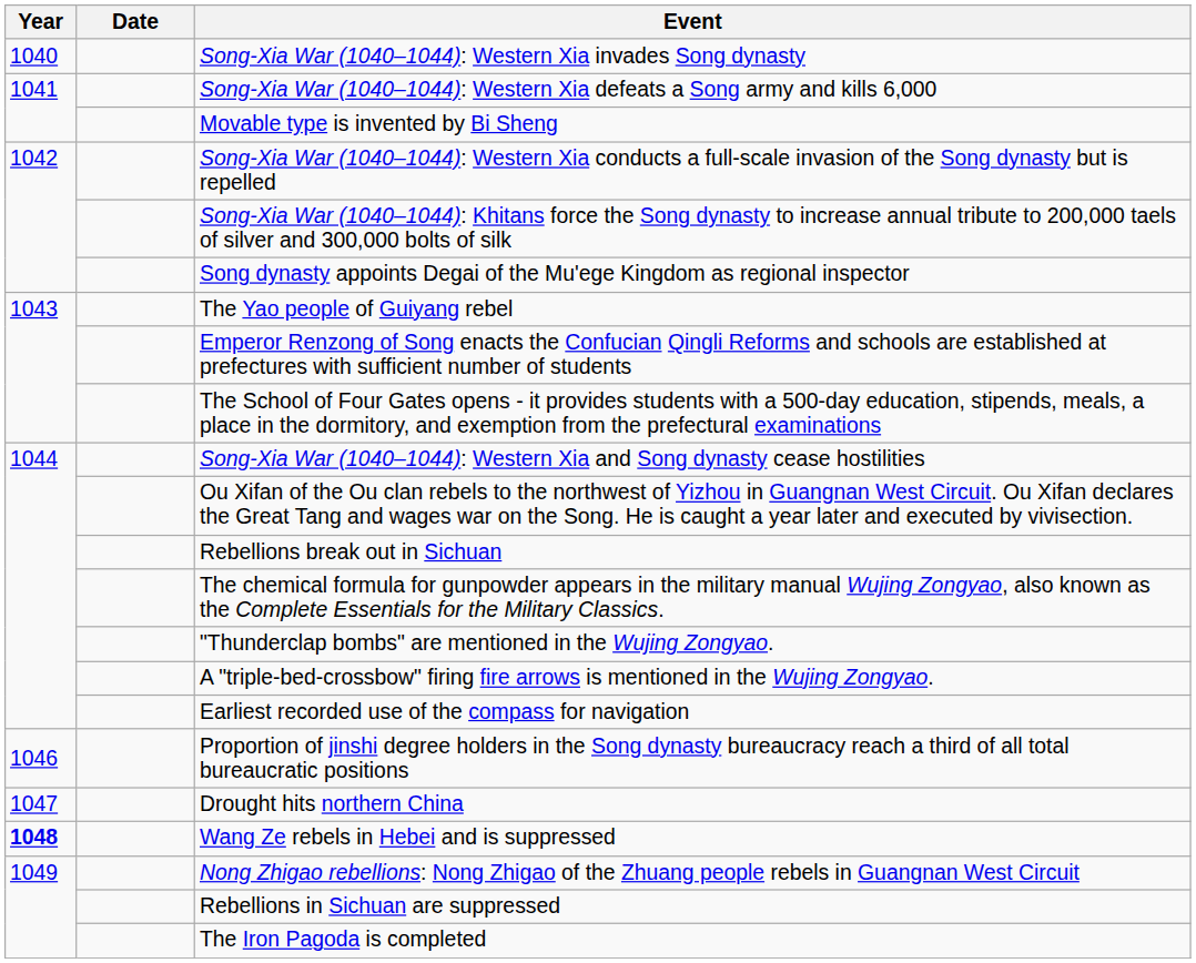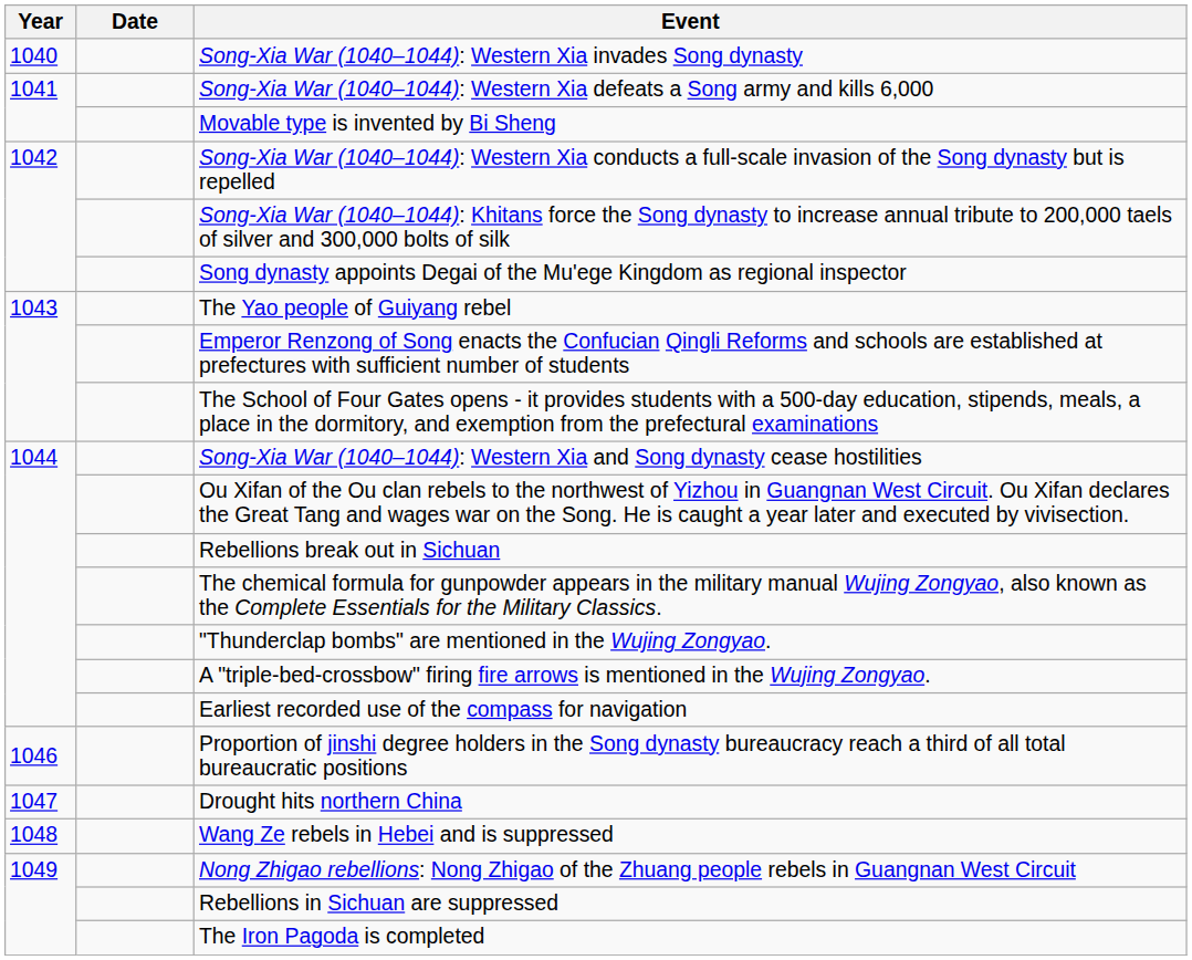 <table class="wikitable" width="100%">
 <tr>
 <th style="width:6%">Year</th>
 <th style="width:10%">Date</th>
 <th>Event</th>
 </tr>
 <tr>
 <td><a href='#'>1040</a></td>
 <td></td>
 <td><em><a href='#'>Song-Xia War (1040–1044)</a></em>: <a href='#'>Western Xia</a> invades <a href='#'>Song dynasty</a></td>
 </tr>
 <tr>
 <td rowspan="2" valign="top"><a href='#'>1041</a></td>
 <td></td>
 <td><em><a href='#'>Song-Xia War (1040–1044)</a></em>: <a href='#'>Western Xia</a> defeats a <a href='#'>Song</a> army and kills 6,000</td>
 </tr>
 <tr>
 <td></td>
 <td><a href='#'>Movable type</a> is invented by <a href='#'>Bi Sheng</a></td>
 </tr>
 <tr>
 <td rowspan="3" valign="top"><a href='#'>1042</a></td>
 <td></td>
 <td><em><a href='#'>Song-Xia War (1040–1044)</a></em>: <a href='#'>Western Xia</a> conducts a full-scale invasion of the <a href='#'>Song dynasty</a> but is repelled</td>
 </tr>
 <tr>
 <td></td>
 <td><em><a href='#'>Song-Xia War (1040–1044)</a></em>: <a href='#'>Khitans</a> force the <a href='#'>Song dynasty</a> to increase annual tribute to 200,000 taels of silver and 300,000 bolts of silk</td>
 </tr>
 <tr>
 <td></td>
 <td><a href='#'>Song dynasty</a> appoints Degai of the Mu'ege Kingdom as regional inspector</td>
 </tr>
 <tr>
 <td rowspan="3" valign="top"><a href='#'>1043</a></td>
 <td></td>
 <td>The <a href='#'>Yao people</a> of <a href='#'>Guiyang</a> rebel</td>
 </tr>
 <tr>
 <td></td>
 <td><a href='#'>Emperor Renzong of Song</a> enacts the <a href='#'>Confucian</a> <a href='#'>Qingli Reforms</a> and schools are established at prefectures with sufficient number of students</td>
 </tr>
 <tr>
 <td></td>
 <td>The School of Four Gates opens - it provides students with a 500-day education, stipends, meals, a place in the dormitory, and exemption from the prefectural <a href='#'>examinations</a></td>
 </tr>
 <tr>
 <td rowspan="7" valign="top"><a href='#'>1044</a></td>
 <td></td>
 <td><em><a href='#'>Song-Xia War (1040–1044)</a></em>: <a href='#'>Western Xia</a> and <a href='#'>Song dynasty</a> cease hostilities</td>
 </tr>
 <tr>
 <td></td>
 <td>Ou Xifan of the Ou clan rebels to the northwest of <a href='#'>Yizhou</a> in <a href='#'>Guangnan West Circuit</a>. Ou Xifan declares the Great Tang and wages war on the Song. He is caught a year later and executed by vivisection.</td>
 </tr>
 <tr>
 <td></td>
 <td>Rebellions break out in <a href='#'>Sichuan</a></td>
 </tr>
 <tr>
 <td></td>
 <td>The chemical formula for gunpowder appears in the military manual <em><a href='#'>Wujing Zongyao</a></em>, also known as the <em>Complete Essentials for the Military Classics</em>.</td>
 </tr>
 <tr>
 <td></td>
 <td>"Thunderclap bombs" are mentioned in the <em><a href='#'>Wujing Zongyao</a></em>.</td>
 </tr>
 <tr>
 <td></td>
 <td>A "triple-bed-crossbow" firing <a href='#'>fire arrows</a> is mentioned in the <em><a href='#'>Wujing Zongyao</a></em>.</td>
 </tr>
 <tr>
 <td></td>
 <td>Earliest recorded use of the <a href='#'>compass</a> for navigation</td>
 </tr>
 <tr>
 <td><a href='#'>1046</a></td>
 <td></td>
 <td>Proportion of <a href='#'>jinshi</a> degree holders in the <a href='#'>Song dynasty</a> bureaucracy reach a third of all total bureaucratic positions</td>
 </tr>
 <tr>
 <td><a href='#'>1047</a></td>
 <td></td>
 <td>Drought hits <a href='#'>northern China</a></td>
 </tr>
 <tr>
-<td><strong><a href='#'>1048</a></strong></td>
+<td><a href='#'>1048</a></td>
 <td></td>
 <td><a href='#'>Wang Ze</a> rebels in <a href='#'>Hebei</a> and is suppressed</td>
 </tr>
 <tr>
 <td rowspan="3" valign="top"><a href='#'>1049</a></td>
 <td></td>
 <td><em><a href='#'>Nong Zhigao rebellions</a></em>: <a href='#'>Nong Zhigao</a> of the <a href='#'>Zhuang people</a> rebels in <a href='#'>Guangnan West Circuit</a></td>
 </tr>
 <tr>
 <td></td>
 <td>Rebellions in <a href='#'>Sichuan</a> are suppressed</td>
 </tr>
 <tr>
 <td></td>
 <td>The <a href='#'>Iron Pagoda</a> is completed</td>
 </tr>
 </table>
